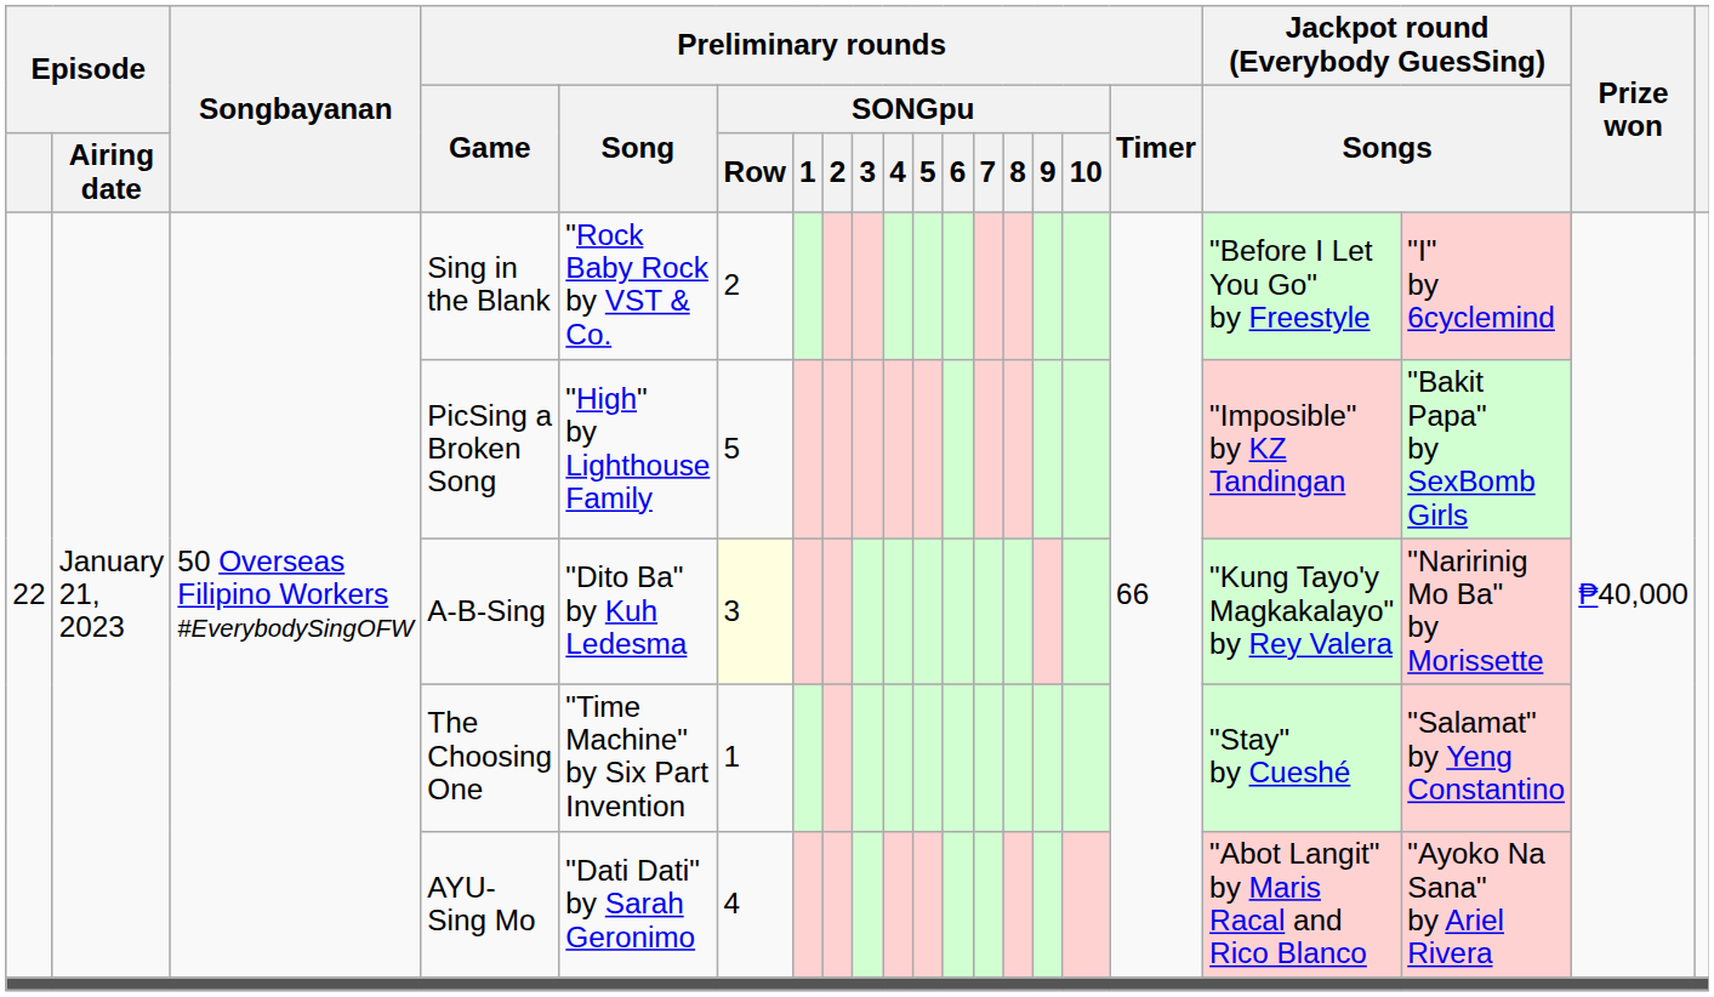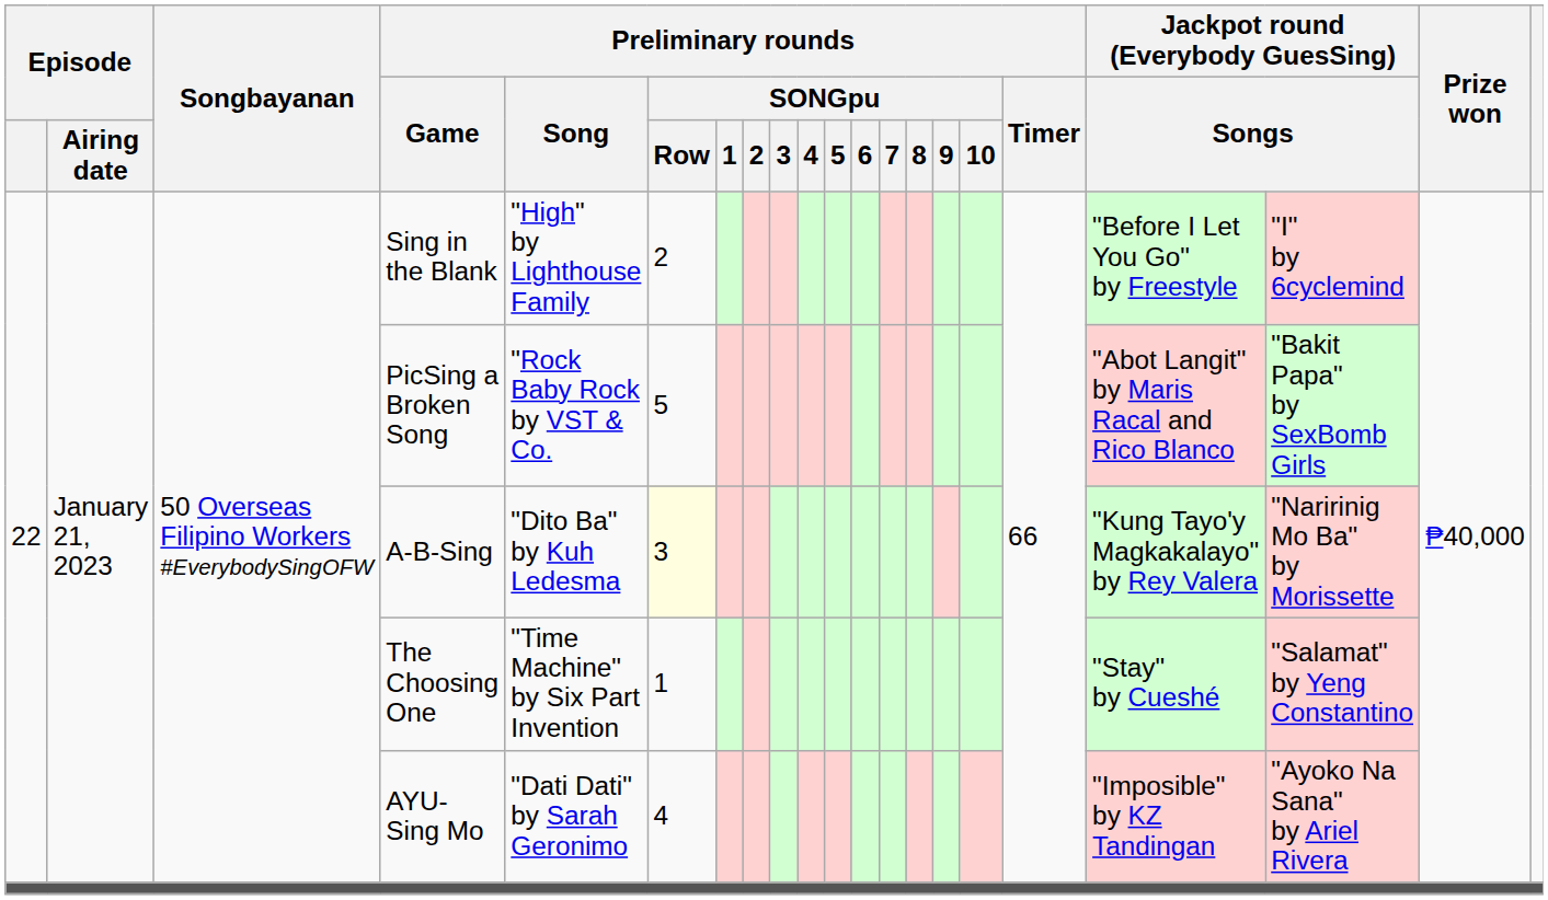 <table class="wikitable plainrowheaders mw-collapsible ">
 <tr>
 <th colspan="2" rowspan="2">Episode</th>
 <th rowspan="3">Songbayanan</th>
 <th colspan="14">Preliminary rounds</th>
 <th colspan="2">Jackpot round<br>(Everybody GuesSing)</th>
 <th rowspan="3">Prize won</th>
 <th rowspan="3"></th>
 </tr>
 <tr>
 <th rowspan="2">Game</th>
 <th rowspan="2">Song</th>
 <th colspan="11">SONGpu</th>
 <th rowspan="2">Timer</th>
 <th colspan="2" rowspan="2">Songs</th>
 </tr>
 <tr>
 <th></th>
 <th>Airing date</th>
 <th>Row</th>
 <th>1</th>
 <th>2</th>
 <th>3</th>
 <th>4</th>
 <th>5</th>
 <th>6</th>
 <th>7</th>
 <th>8</th>
 <th>9</th>
 <th>10</th>
 </tr>
 <tr>
 <td rowspan="5">22</td>
 <td rowspan="5">January 21, 2023</td>
 <td rowspan="5">50 <a href='#'>Overseas Filipino Workers</a><br><small><em>#EverybodySingOFW</em></small></td>
 <td>Sing in the Blank</td>
-<td>"<a href='#'>Rock Baby Rock</a><br>by <a href='#'>VST & Co.</a></td>
+<td>"<a href='#'>High</a>"<br>by <a href='#'>Lighthouse Family</a></td>
 <td>2</td>
 <td style="background:#D2FFD2"></td>
 <td style="background:#FFD2D2"></td>
 <td style="background:#FFD2D2"></td>
 <td style="background:#D2FFD2"></td>
 <td style="background:#D2FFD2"></td>
 <td style="background:#D2FFD2"></td>
 <td style="background:#FFD2D2"></td>
 <td style="background:#FFD2D2"></td>
 <td style="background:#D2FFD2"></td>
 <td style="background:#D2FFD2"></td>
 <td rowspan="5">66 </td>
 <td style="background:#D2FFD2">"Before I Let You Go"<br>by <a href='#'>Freestyle</a></td>
 <td style="background:#FFD2D2">"I"<br>by <a href='#'>6cyclemind</a></td>
 <td rowspan="5"><a href='#'>₱</a>40,000</td>
 <td rowspan="5"></td>
 </tr>
 <tr>
 <td>PicSing a Broken Song</td>
-<td>"<a href='#'>High</a>"<br>by <a href='#'>Lighthouse Family</a></td>
+<td>"<a href='#'>Rock Baby Rock</a><br>by <a href='#'>VST & Co.</a></td>
 <td>5</td>
 <td style="background:#FFD2D2"></td>
 <td style="background:#FFD2D2"></td>
 <td style="background:#FFD2D2"></td>
 <td style="background:#FFD2D2"></td>
 <td style="background:#FFD2D2"></td>
 <td style="background:#D2FFD2"></td>
 <td style="background:#FFD2D2"></td>
 <td style="background:#FFD2D2"></td>
 <td style="background:#D2FFD2"></td>
 <td style="background:#D2FFD2"></td>
-<td style="background:#FFD2D2">"Imposible"<br>by <a href='#'>KZ Tandingan</a></td>
+<td style="background:#FFD2D2">"Abot Langit"<br>by <a href='#'>Maris Racal</a> and <a href='#'>Rico Blanco</a></td>
 <td style="background:#D2FFD2">"Bakit Papa"<br>by <a href='#'>SexBomb Girls</a></td>
 </tr>
 <tr>
 <td>A-B-Sing</td>
 <td>"Dito Ba"<br>by <a href='#'>Kuh Ledesma</a></td>
 <td style="background: lightyellow;">3</td>
 <td style="background:#FFD2D2"></td>
 <td style="background:#FFD2D2"></td>
 <td style="background:#D2FFD2"></td>
 <td style="background:#D2FFD2"></td>
 <td style="background:#D2FFD2"></td>
 <td style="background:#D2FFD2"></td>
 <td style="background:#D2FFD2"></td>
 <td style="background:#D2FFD2"></td>
 <td style="background:#FFD2D2"></td>
 <td style="background:#D2FFD2"></td>
 <td style="background:#D2FFD2">"Kung Tayo'y Magkakalayo"<br>by <a href='#'>Rey Valera</a></td>
 <td style="background:#FFD2D2">"Naririnig Mo Ba"<br>by <a href='#'>Morissette</a></td>
 </tr>
 <tr>
 <td>The Choosing One</td>
 <td>"Time Machine"<br>by Six Part Invention</td>
 <td>1</td>
 <td style="background:#D2FFD2"></td>
 <td style="background:#FFD2D2"></td>
 <td style="background:#D2FFD2"></td>
 <td style="background:#D2FFD2"></td>
 <td style="background:#D2FFD2"></td>
 <td style="background:#D2FFD2"></td>
 <td style="background:#D2FFD2"></td>
 <td style="background:#D2FFD2"></td>
 <td style="background:#D2FFD2"></td>
 <td style="background:#D2FFD2"></td>
 <td style="background:#D2FFD2">"Stay"<br>by <a href='#'>Cueshé</a></td>
 <td style="background:#FFD2D2">"Salamat"<br>by <a href='#'>Yeng Constantino</a></td>
 </tr>
 <tr>
 <td>AYU-Sing Mo</td>
 <td>"Dati Dati"<br>by <a href='#'>Sarah Geronimo</a></td>
 <td>4</td>
 <td style="background:#FFD2D2"></td>
 <td style="background:#FFD2D2"></td>
 <td style="background:#D2FFD2"></td>
 <td style="background:#FFD2D2"></td>
 <td style="background:#FFD2D2"></td>
 <td style="background:#D2FFD2"></td>
 <td style="background:#D2FFD2"></td>
 <td style="background:#FFD2D2"></td>
 <td style="background:#D2FFD2"></td>
 <td style="background:#FFD2D2"></td>
-<td style="background:#FFD2D2">"Abot Langit"<br>by <a href='#'>Maris Racal</a> and <a href='#'>Rico Blanco</a></td>
+<td style="background:#FFD2D2">"Imposible"<br>by <a href='#'>KZ Tandingan</a></td>
 <td style="background:#FFD2D2">"Ayoko Na Sana"<br>by <a href='#'>Ariel Rivera</a></td>
 </tr>
 <tr>
 <th colspan="21" style="background:#555;"></th>
 </tr>
 <tr>
 </tr>
 </table>
